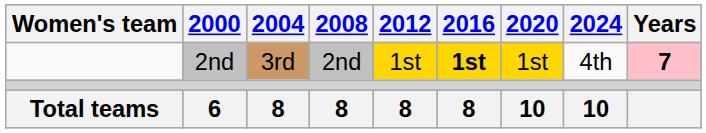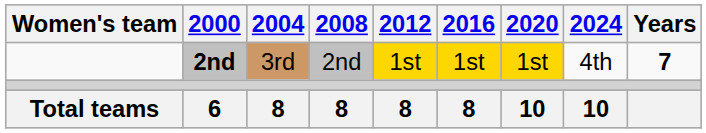 <table class="wikitable" style="text-align: center; font-size: 90%; margin-left: 1em;">
 <tr>
 <th>Women's team</th>
 <th><a href='#'>2000</a></th>
 <th><a href='#'>2004</a></th>
 <th><a href='#'>2008</a></th>
 <th><a href='#'>2012</a></th>
 <th><a href='#'>2016</a></th>
 <th><a href='#'>2020</a></th>
 <th><a href='#'>2024</a></th>
 <th>Years</th>
 </tr>
 <tr>
 <td style="text-align: left;"></td>
-<td style="background-color: silver;">2nd</td>
+<td style="background-color: silver;"><strong>2nd</strong></td>
 <td style="background-color: #cc9966;">3rd</td>
 <td style="background-color: silver;">2nd</td>
 <td style="background-color: gold;">1st</td>
-<td style="background-color: gold;"><strong>1st</strong></td>
+<td style="background-color: gold;">1st</td>
 <td style="background-color: gold;">1st</td>
 <td>4th</td>
-<td style="background: pink;"><strong>7</strong></td>
+<td><strong>7</strong></td>
 </tr>
 <tr style="background-color: lightgrey;">
 <td colspan="9"></td>
 </tr>
 <tr>
 <th>Total teams</th>
 <th>6</th>
 <th>8</th>
 <th>8</th>
 <th>8</th>
 <th>8</th>
 <th>10</th>
 <th>10</th>
 <th></th>
 </tr>
 </table>
